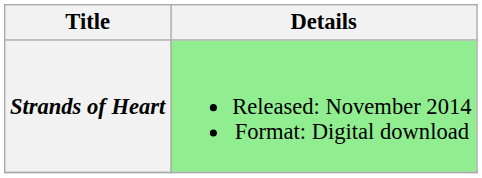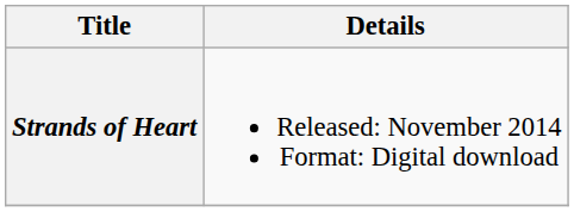 <table class="wikitable plainrowheaders" style="text-align:center;">
 <tr>
 <th scope="col">Title</th>
 <th scope="col">Details</th>
 </tr>
 <tr>
 <th scope="row"><em>Strands of Heart</em></th>
-<td style="background: lightgreen;"><br><ul><li>Released: November 2014</li><li>Format: Digital download</li></ul></td>
+<td><br><ul><li>Released: November 2014</li><li>Format: Digital download</li></ul></td>
 </tr>
 <tr>
 </tr>
 </table>
